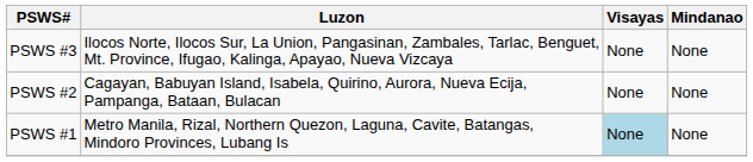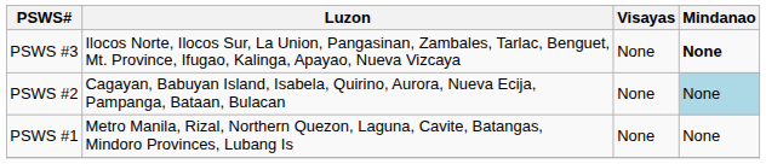 <table class="wikitable" style="margin:1em auto 1em auto;">
 <tr>
 <th>PSWS#</th>
 <th>Luzon</th>
 <th>Visayas</th>
 <th>Mindanao</th>
 </tr>
 <tr>
 <td>PSWS #3</td>
 <td>Ilocos Norte, Ilocos Sur, La Union, Pangasinan, Zambales, Tarlac, Benguet, <br>Mt. Province, Ifugao, Kalinga, Apayao, Nueva Vizcaya</td>
 <td>None</td>
-<td>None</td>
+<td><strong>None</strong></td>
 </tr>
 <tr>
 <td>PSWS #2</td>
 <td>Cagayan, Babuyan Island, Isabela, Quirino, Aurora, Nueva Ecija, <br>Pampanga, Bataan, Bulacan</td>
 <td>None</td>
-<td>None</td>
+<td style="background: lightblue;">None</td>
 </tr>
 <tr>
 <td>PSWS #1</td>
 <td>Metro Manila, Rizal, Northern Quezon, Laguna, Cavite, Batangas, <br>Mindoro Provinces, Lubang Is</td>
-<td style="background: lightblue;">None</td>
+<td>None</td>
 <td>None</td>
 </tr>
 <tr>
 </tr>
 </table>
